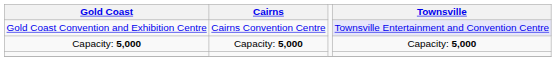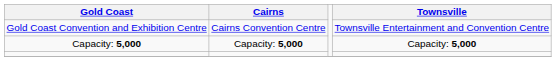 <table class="wikitable" style="text-align:center;">
 <tr>
 <th><a href='#'>Gold Coast</a></th>
 <th><a href='#'>Cairns</a></th>
 <td rowspan="4"><br></td>
 <th><a href='#'>Townsville</a></th>
 </tr>
 <tr>
 <td><a href='#'>Gold Coast Convention and Exhibition Centre</a></td>
 <td><a href='#'>Cairns Convention Centre</a></td>
-<td style="background: lavender;"><a href='#'>Townsville Entertainment and Convention Centre</a></td>
+<td><a href='#'>Townsville Entertainment and Convention Centre</a></td>
 </tr>
 <tr>
 <td>Capacity: <strong>5,000</strong></td>
 <td>Capacity: <strong>5,000</strong></td>
 <td>Capacity: <strong>5,000</strong></td>
 </tr>
 <tr>
 <td></td>
 <td></td>
 <td></td>
 </tr>
 <tr>
 </tr>
 </table>
